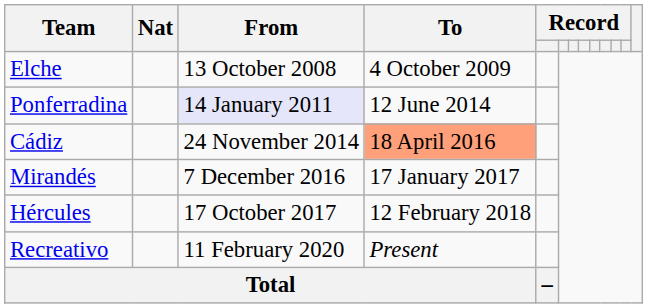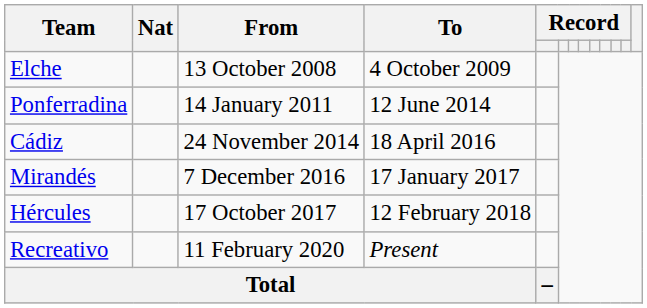 <table class="wikitable" style="text-align: center">
 <tr>
 <th rowspan="2">Team</th>
 <th rowspan="2">Nat</th>
 <th rowspan="2">From</th>
 <th rowspan="2">To</th>
 <th colspan="8">Record</th>
 <th rowspan=2></th>
 </tr>
 <tr>
 <th></th>
 <th></th>
 <th></th>
 <th></th>
 <th></th>
 <th></th>
 <th></th>
 <th></th>
 </tr>
 <tr>
 <td align=left><a href='#'>Elche</a></td>
 <td></td>
 <td align=left>13 October 2008</td>
 <td align=left>4 October 2009<br></td>
 <td></td>
 </tr>
 <tr>
 <td align=left><a href='#'>Ponferradina</a></td>
 <td></td>
-<td align=left style="background: lavender;">14 January 2011</td>
+<td align=left>14 January 2011</td>
 <td align=left>12 June 2014<br></td>
 <td></td>
 </tr>
 <tr>
 <td align=left><a href='#'>Cádiz</a></td>
 <td></td>
 <td align=left>24 November 2014</td>
-<td align=left style="background: lightsalmon;">18 April 2016<br></td>
+<td align=left>18 April 2016<br></td>
 <td></td>
 </tr>
 <tr>
 <td align=left><a href='#'>Mirandés</a></td>
 <td></td>
 <td align=left>7 December 2016</td>
 <td align=left>17 January 2017<br></td>
 <td></td>
 </tr>
 <tr>
 <td align=left><a href='#'>Hércules</a></td>
 <td></td>
 <td align=left>17 October 2017</td>
 <td align=left>12 February 2018<br></td>
 <td></td>
 </tr>
 <tr>
 <td align=left><a href='#'>Recreativo</a></td>
 <td></td>
 <td align=left>11 February 2020</td>
 <td align=left><em>Present</em><br></td>
 <td></td>
 </tr>
 <tr>
 <th colspan="4">Total<br></th>
 <th>–</th>
 </tr>
 </table>
